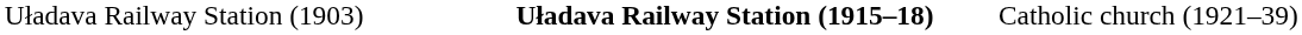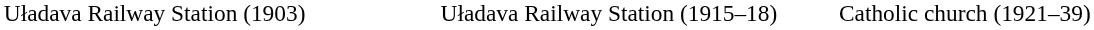 <table class="graytable" style="text-align:center">
 <tr>
 <td style="width:39%;"></td>
 <td style="width:39%;"></td>
 <td style="width:22%;"></td>
 </tr>
 <tr>
 <td>Uładava Railway Station (1903)</td>
-<td><strong>Uładava Railway Station (1915–18)</strong></td>
+<td>Uładava Railway Station (1915–18)</td>
 <td>Catholic church (1921–39)</td>
 </tr>
 </table>
